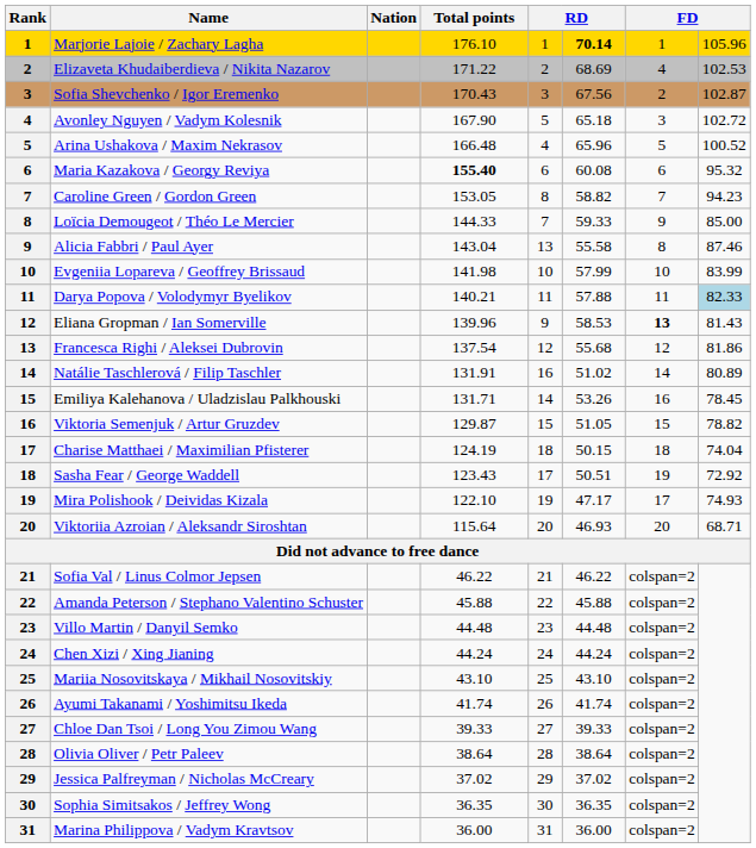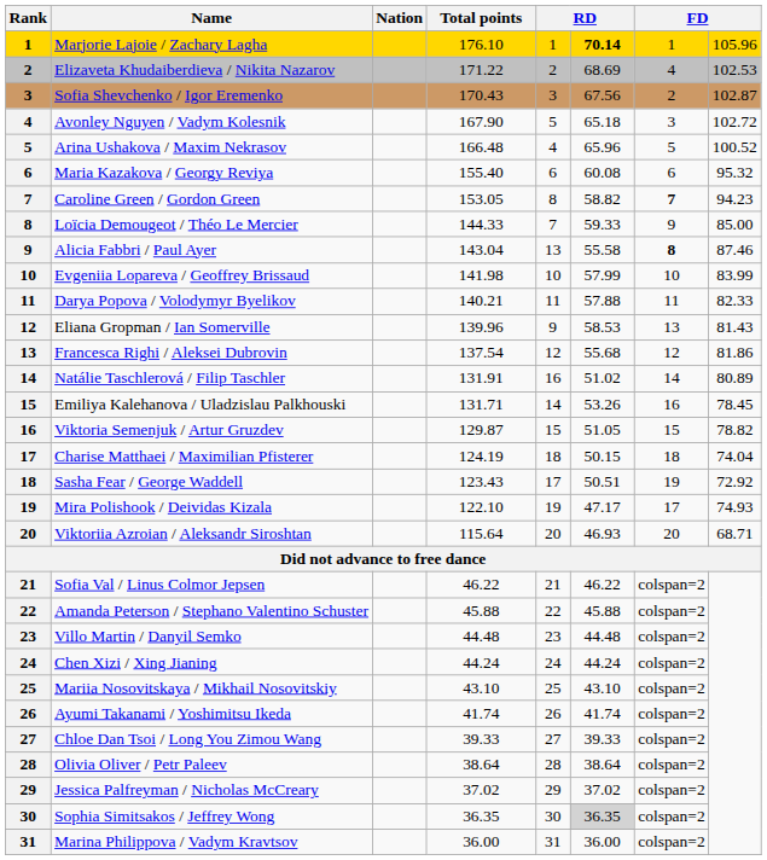 <table class="wikitable sortable">
 <tr>
 <th>Rank</th>
 <th>Name</th>
 <th>Nation</th>
 <th width="100px">Total points</th>
 <th colspan="2" width="90px"><a href='#'>RD</a></th>
 <th colspan="2" width="90px"><a href='#'>FD</a></th>
 </tr>
 <tr bgcolor="gold">
 <td align="center" bgcolor="gold"><strong>1</strong></td>
 <td><a href='#'>Marjorie Lajoie</a> / <a href='#'>Zachary Lagha</a></td>
 <td></td>
 <td align="center">176.10</td>
 <td align="center">1</td>
 <td align="center"><strong>70.14</strong></td>
 <td align="center">1</td>
 <td align="center">105.96</td>
 </tr>
 <tr bgcolor="silver">
 <td align="center" bgcolor="silver"><strong>2</strong></td>
 <td><a href='#'>Elizaveta Khudaiberdieva</a> / <a href='#'>Nikita Nazarov</a></td>
 <td></td>
 <td align="center">171.22</td>
 <td align="center">2</td>
 <td align="center">68.69</td>
 <td align="center">4</td>
 <td align="center">102.53</td>
 </tr>
 <tr bgcolor="#cc9966">
 <td align="center" bgcolor="#cc9966"><strong>3</strong></td>
 <td><a href='#'>Sofia Shevchenko</a> / <a href='#'>Igor Eremenko</a></td>
 <td></td>
 <td align="center">170.43</td>
 <td align="center">3</td>
 <td align="center">67.56</td>
 <td align="center">2</td>
 <td align="center">102.87</td>
 </tr>
 <tr>
 <th>4</th>
 <td><a href='#'>Avonley Nguyen</a> / <a href='#'>Vadym Kolesnik</a></td>
 <td></td>
 <td align="center">167.90</td>
 <td align="center">5</td>
 <td align="center">65.18</td>
 <td align="center">3</td>
 <td align="center">102.72</td>
 </tr>
 <tr>
 <th>5</th>
 <td><a href='#'>Arina Ushakova</a> / <a href='#'>Maxim Nekrasov</a></td>
 <td></td>
 <td align="center">166.48</td>
 <td align="center">4</td>
 <td align="center">65.96</td>
 <td align="center">5</td>
 <td align="center">100.52</td>
 </tr>
 <tr>
 <th>6</th>
 <td><a href='#'>Maria Kazakova</a> / <a href='#'>Georgy Reviya</a></td>
 <td></td>
-<td align="center"><strong>155.40</strong></td>
+<td align="center">155.40</td>
 <td align="center">6</td>
 <td align="center">60.08</td>
 <td align="center">6</td>
 <td align="center">95.32</td>
 </tr>
 <tr>
 <th>7</th>
 <td><a href='#'>Caroline Green</a> / <a href='#'>Gordon Green</a></td>
 <td></td>
 <td align="center">153.05</td>
 <td align="center">8</td>
 <td align="center">58.82</td>
-<td align="center">7</td>
+<td align="center"><strong>7</strong></td>
 <td align="center">94.23</td>
 </tr>
 <tr>
 <th>8</th>
 <td><a href='#'>Loïcia Demougeot</a> / <a href='#'>Théo Le Mercier</a></td>
 <td></td>
 <td align="center">144.33</td>
 <td align="center">7</td>
 <td align="center">59.33</td>
 <td align="center">9</td>
 <td align="center">85.00</td>
 </tr>
 <tr>
 <th>9</th>
 <td><a href='#'>Alicia Fabbri</a> / <a href='#'>Paul Ayer</a></td>
 <td></td>
 <td align="center">143.04</td>
 <td align="center">13</td>
 <td align="center">55.58</td>
-<td align="center">8</td>
+<td align="center"><strong>8</strong></td>
 <td align="center">87.46</td>
 </tr>
 <tr>
 <th>10</th>
 <td><a href='#'>Evgeniia Lopareva</a> / <a href='#'>Geoffrey Brissaud</a></td>
 <td></td>
 <td align="center">141.98</td>
 <td align="center">10</td>
 <td align="center">57.99</td>
 <td align="center">10</td>
 <td align="center">83.99</td>
 </tr>
 <tr>
 <th>11</th>
 <td><a href='#'>Darya Popova</a> / <a href='#'>Volodymyr Byelikov</a></td>
 <td></td>
 <td align="center">140.21</td>
 <td align="center">11</td>
 <td align="center">57.88</td>
 <td align="center">11</td>
-<td align="center" style="background: lightblue;">82.33</td>
+<td align="center">82.33</td>
 </tr>
 <tr>
 <th>12</th>
 <td>Eliana Gropman / <a href='#'>Ian Somerville</a></td>
 <td></td>
 <td align="center">139.96</td>
 <td align="center">9</td>
 <td align="center">58.53</td>
-<td align="center"><strong>13</strong></td>
+<td align="center">13</td>
 <td align="center">81.43</td>
 </tr>
 <tr>
 <th>13</th>
 <td><a href='#'>Francesca Righi</a> / <a href='#'>Aleksei Dubrovin</a></td>
 <td></td>
 <td align="center">137.54</td>
 <td align="center">12</td>
 <td align="center">55.68</td>
 <td align="center">12</td>
 <td align="center">81.86</td>
 </tr>
 <tr>
 <th>14</th>
 <td><a href='#'>Natálie Taschlerová</a> / <a href='#'>Filip Taschler</a></td>
 <td></td>
 <td align="center">131.91</td>
 <td align="center">16</td>
 <td align="center">51.02</td>
 <td align="center">14</td>
 <td align="center">80.89</td>
 </tr>
 <tr>
 <th>15</th>
 <td>Emiliya Kalehanova / Uladzislau Palkhouski</td>
 <td></td>
 <td align="center">131.71</td>
 <td align="center">14</td>
 <td align="center">53.26</td>
 <td align="center">16</td>
 <td align="center">78.45</td>
 </tr>
 <tr>
 <th>16</th>
 <td><a href='#'>Viktoria Semenjuk</a> / <a href='#'>Artur Gruzdev</a></td>
 <td></td>
 <td align="center">129.87</td>
 <td align="center">15</td>
 <td align="center">51.05</td>
 <td align="center">15</td>
 <td align="center">78.82</td>
 </tr>
 <tr>
 <th>17</th>
 <td><a href='#'>Charise Matthaei</a> / <a href='#'>Maximilian Pfisterer</a></td>
 <td></td>
 <td align="center">124.19</td>
 <td align="center">18</td>
 <td align="center">50.15</td>
 <td align="center">18</td>
 <td align="center">74.04</td>
 </tr>
 <tr>
 <th>18</th>
 <td><a href='#'>Sasha Fear</a> / <a href='#'>George Waddell</a></td>
 <td></td>
 <td align="center">123.43</td>
 <td align="center">17</td>
 <td align="center">50.51</td>
 <td align="center">19</td>
 <td align="center">72.92</td>
 </tr>
 <tr>
 <th>19</th>
 <td><a href='#'>Mira Polishook</a> / <a href='#'>Deividas Kizala</a></td>
 <td></td>
 <td align="center">122.10</td>
 <td align="center">19</td>
 <td align="center">47.17</td>
 <td align="center">17</td>
 <td align="center">74.93</td>
 </tr>
 <tr>
 <th>20</th>
 <td><a href='#'>Viktoriia Azroian</a> / <a href='#'>Aleksandr Siroshtan</a></td>
 <td></td>
 <td align="center">115.64</td>
 <td align="center">20</td>
 <td align="center">46.93</td>
 <td align="center">20</td>
 <td align="center">68.71</td>
 </tr>
 <tr>
 <th colspan=8>Did not advance to free dance</th>
 </tr>
 <tr>
 <th>21</th>
 <td><a href='#'>Sofia Val</a> / <a href='#'>Linus Colmor Jepsen</a></td>
 <td></td>
 <td align="center">46.22</td>
 <td align="center">21</td>
 <td align="center">46.22</td>
 <td>colspan=2 </td>
 </tr>
 <tr>
 <th>22</th>
 <td><a href='#'>Amanda Peterson</a> / <a href='#'>Stephano Valentino Schuster</a></td>
 <td></td>
 <td align="center">45.88</td>
 <td align="center">22</td>
 <td align="center">45.88</td>
 <td>colspan=2 </td>
 </tr>
 <tr>
 <th>23</th>
 <td><a href='#'>Villo Martin</a> / <a href='#'>Danyil Semko</a></td>
 <td></td>
 <td align="center">44.48</td>
 <td align="center">23</td>
 <td align="center">44.48</td>
 <td>colspan=2 </td>
 </tr>
 <tr>
 <th>24</th>
 <td><a href='#'>Chen Xizi</a> / <a href='#'>Xing Jianing</a></td>
 <td></td>
 <td align="center">44.24</td>
 <td align="center">24</td>
 <td align="center">44.24</td>
 <td>colspan=2 </td>
 </tr>
 <tr>
 <th>25</th>
 <td><a href='#'>Mariia Nosovitskaya</a> / <a href='#'>Mikhail Nosovitskiy</a></td>
 <td></td>
 <td align="center">43.10</td>
 <td align="center">25</td>
 <td align="center">43.10</td>
 <td>colspan=2 </td>
 </tr>
 <tr>
 <th>26</th>
 <td><a href='#'>Ayumi Takanami</a> / <a href='#'>Yoshimitsu Ikeda</a></td>
 <td></td>
 <td align="center">41.74</td>
 <td align="center">26</td>
 <td align="center">41.74</td>
 <td>colspan=2 </td>
 </tr>
 <tr>
 <th>27</th>
 <td><a href='#'>Chloe Dan Tsoi</a> / <a href='#'>Long You Zimou Wang</a></td>
 <td></td>
 <td align="center">39.33</td>
 <td align="center">27</td>
 <td align="center">39.33</td>
 <td>colspan=2 </td>
 </tr>
 <tr>
 <th>28</th>
 <td><a href='#'>Olivia Oliver</a> / <a href='#'>Petr Paleev</a></td>
 <td></td>
 <td align="center">38.64</td>
 <td align="center">28</td>
 <td align="center">38.64</td>
 <td>colspan=2 </td>
 </tr>
 <tr>
 <th>29</th>
 <td><a href='#'>Jessica Palfreyman</a> / <a href='#'>Nicholas McCreary</a></td>
 <td></td>
 <td align="center">37.02</td>
 <td align="center">29</td>
 <td align="center">37.02</td>
 <td>colspan=2 </td>
 </tr>
 <tr>
 <th>30</th>
 <td><a href='#'>Sophia Simitsakos</a> / <a href='#'>Jeffrey Wong</a></td>
 <td></td>
 <td align="center">36.35</td>
 <td align="center">30</td>
-<td align="center">36.35</td>
+<td align="center" style="background: lightgrey;">36.35</td>
 <td>colspan=2 </td>
 </tr>
 <tr>
 <th>31</th>
 <td><a href='#'>Marina Philippova</a> / <a href='#'>Vadym Kravtsov</a></td>
 <td></td>
 <td align="center">36.00</td>
 <td align="center">31</td>
 <td align="center">36.00</td>
 <td>colspan=2 </td>
 </tr>
 </table>
